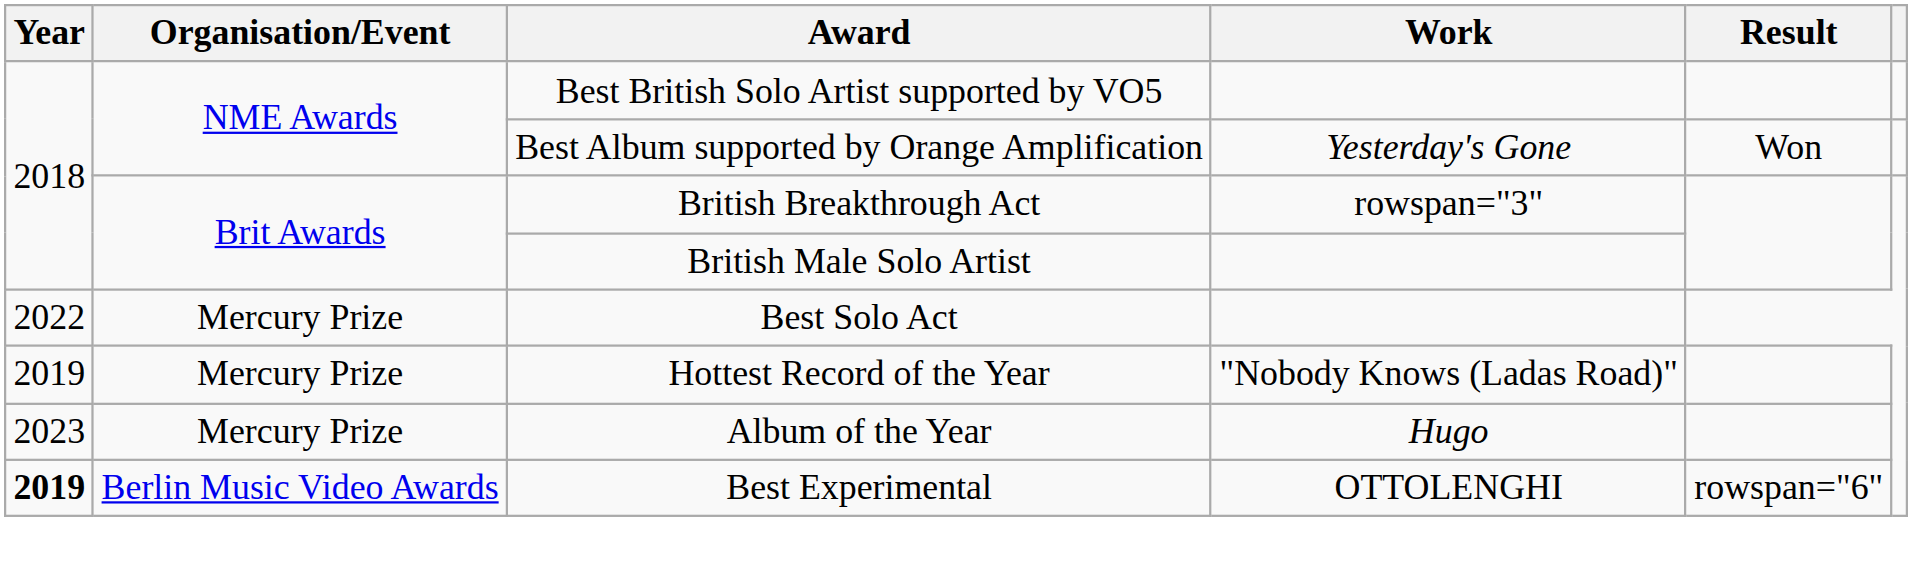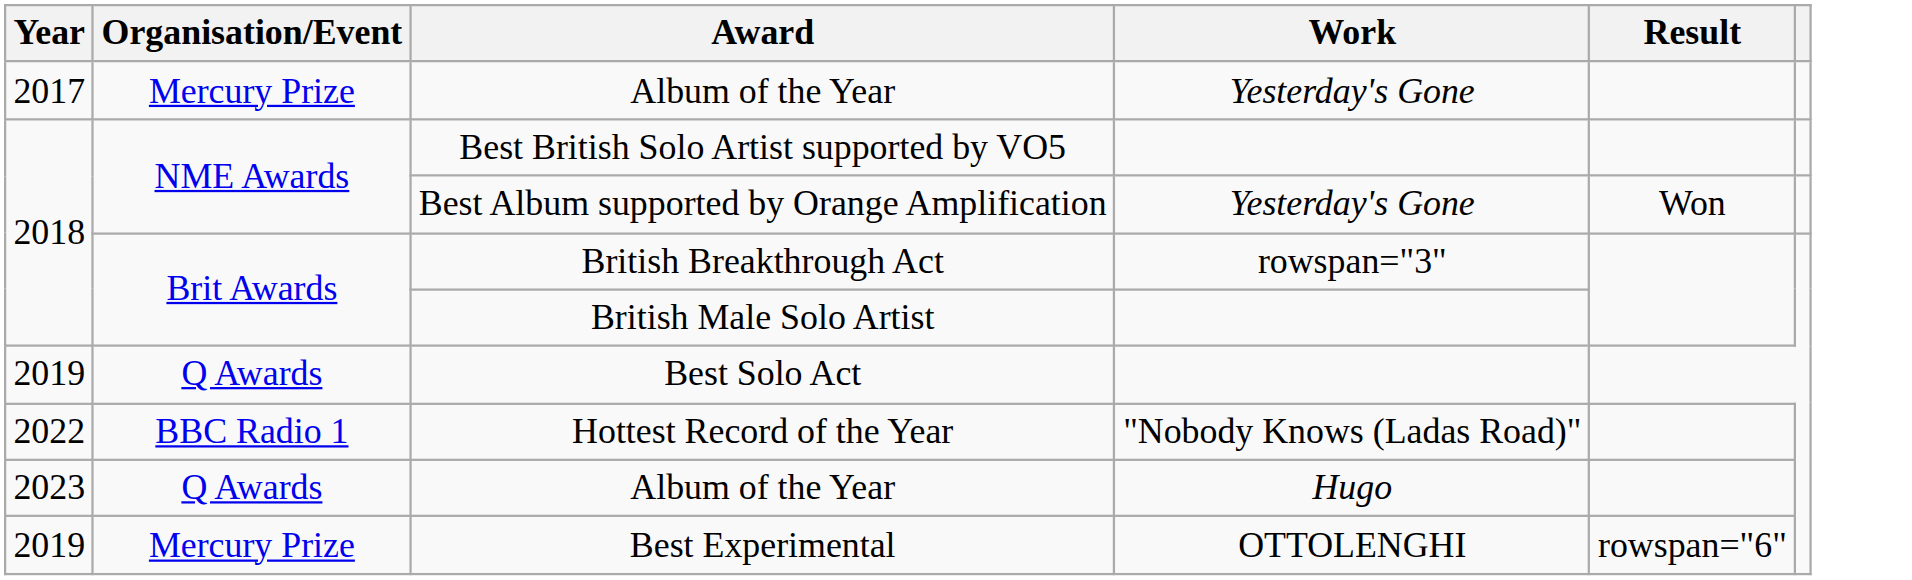 <table class="wikitable plainrowheaders" style="text-align:center;">
 <tr>
 <th>Year</th>
 <th>Organisation/Event</th>
 <th>Award</th>
 <th>Work</th>
 <th>Result</th>
 <th></th>
+</tr>
+<tr>
+<td>2017</td>
+<td><a href='#'>Mercury Prize</a></td>
+<td>Album of the Year</td>
+<td><em>Yesterday's Gone</em></td>
+<td></td>
+<td></td>
 </tr>
 <tr>
 <td rowspan="4">2018</td>
 <td rowspan="2"><a href='#'>NME Awards</a></td>
 <td>Best British Solo Artist supported by VO5</td>
 <td></td>
 <td></td>
 <td></td>
 </tr>
 <tr>
 <td>Best Album supported by Orange Amplification</td>
 <td><em>Yesterday's Gone</em></td>
 <td>Won</td>
 <td></td>
 </tr>
 <tr>
 <td rowspan="2"><a href='#'>Brit Awards</a></td>
 <td>British Breakthrough Act</td>
 <td>rowspan="3" </td>
 <td rowspan="2"></td>
 </tr>
 <tr>
 <td>British Male Solo Artist</td>
 </tr>
 <tr>
-<td>2022</td>
-<td>Mercury Prize</td>
+<td>2019</td>
+<td><a href='#'>Q Awards</a></td>
 <td>Best Solo Act</td>
 <td></td>
 </tr>
 <tr>
-<td>2019</td>
-<td>Mercury Prize</td>
+<td>2022</td>
+<td><a href='#'>BBC Radio 1</a></td>
 <td>Hottest Record of the Year</td>
 <td>"Nobody Knows (Ladas Road)"</td>
 <td></td>
 </tr>
 <tr>
 <td>2023</td>
-<td>Mercury Prize</td>
+<td><a href='#'>Q Awards</a></td>
 <td>Album of the Year</td>
 <td><em>Hugo</em></td>
 <td></td>
 </tr>
 <tr>
-<td><strong>2019</strong></td>
-<td><a href='#'>Berlin Music Video Awards</a></td>
+<td>2019</td>
+<td><a href='#'>Mercury Prize</a></td>
 <td>Best Experimental</td>
 <td>OTTOLENGHI</td>
 <td>rowspan="6" </td>
 </tr>
 </table>
